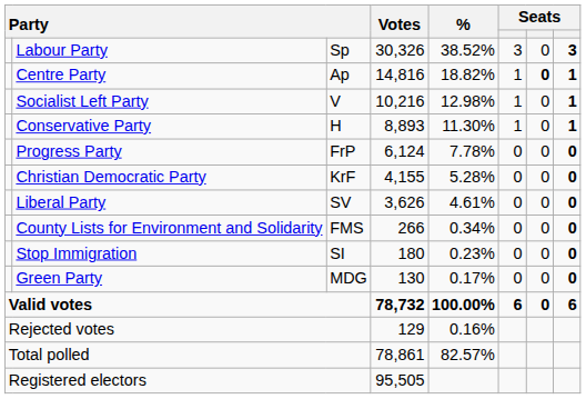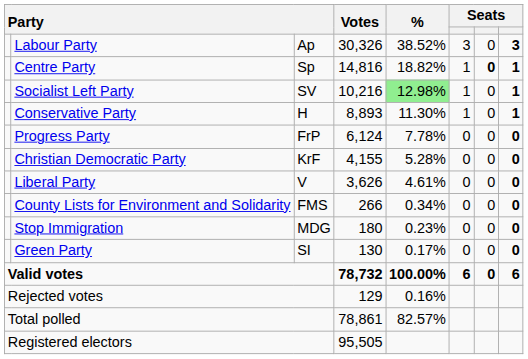 <table class="wikitable" border="1" style="text-align:right;">
 <tr>
 <th style="text-align:left;" valign=bottom rowspan=2 colspan=3>Party</th>
 <th align=center valign=bottom rowspan=2 width="50">Votes</th>
 <th align=center valign=bottom rowspan=2 width="50">%</th>
 <th colspan=3>Seats</th>
 </tr>
 <tr>
 <th align=center valign=bottom width="20"><small></small></th>
 <th align=center valign=bottom width="20"><small><a href='#'></a></small></th>
 <th align=center valign=bottom width="20"><small></small></th>
 </tr>
 <tr>
 <td></td>
 <td align=left><a href='#'>Labour Party</a></td>
-<td align=left>Sp</td>
+<td align=left>Ap</td>
 <td>30,326</td>
 <td>38.52%</td>
 <td>3</td>
 <td>0</td>
 <td><strong>3</strong></td>
 </tr>
 <tr>
 <td></td>
 <td align=left><a href='#'>Centre Party</a></td>
-<td align=left>Ap</td>
+<td align=left>Sp</td>
 <td>14,816</td>
 <td>18.82%</td>
 <td>1</td>
 <td><strong>0</strong></td>
 <td><strong>1</strong></td>
 </tr>
 <tr>
 <td></td>
 <td align=left><a href='#'>Socialist Left Party</a></td>
-<td align=left>V</td>
+<td align=left>SV</td>
 <td>10,216</td>
-<td>12.98%</td>
+<td style="background: lightgreen;">12.98%</td>
 <td>1</td>
 <td>0</td>
 <td><strong>1</strong></td>
 </tr>
 <tr>
 <td></td>
 <td align=left><a href='#'>Conservative Party</a></td>
 <td align=left>H</td>
 <td>8,893</td>
 <td>11.30%</td>
 <td>1</td>
 <td>0</td>
 <td><strong>1</strong></td>
 </tr>
 <tr>
 <td></td>
 <td align=left><a href='#'>Progress Party</a></td>
 <td align=left>FrP</td>
 <td>6,124</td>
 <td>7.78%</td>
 <td>0</td>
 <td>0</td>
 <td><strong>0</strong></td>
 </tr>
 <tr>
 <td></td>
 <td align=left><a href='#'>Christian Democratic Party</a></td>
 <td align=left>KrF</td>
 <td>4,155</td>
 <td>5.28%</td>
 <td>0</td>
 <td>0</td>
 <td><strong>0</strong></td>
 </tr>
 <tr>
 <td></td>
 <td align=left><a href='#'>Liberal Party</a></td>
-<td align=left>SV</td>
+<td align=left>V</td>
 <td>3,626</td>
 <td>4.61%</td>
 <td>0</td>
 <td>0</td>
 <td><strong>0</strong></td>
 </tr>
 <tr>
 <td></td>
 <td align=left><a href='#'>County Lists for Environment and Solidarity</a></td>
 <td align=left>FMS</td>
 <td>266</td>
 <td>0.34%</td>
 <td>0</td>
 <td>0</td>
 <td><strong>0</strong></td>
 </tr>
 <tr>
 <td></td>
 <td align=left><a href='#'>Stop Immigration</a></td>
-<td align=left>SI</td>
+<td align=left>MDG</td>
 <td>180</td>
 <td>0.23%</td>
 <td>0</td>
 <td>0</td>
 <td><strong>0</strong></td>
 </tr>
 <tr>
 <td></td>
 <td align=left><a href='#'>Green Party</a></td>
-<td align=left>MDG</td>
+<td align=left>SI</td>
 <td>130</td>
 <td>0.17%</td>
 <td>0</td>
 <td>0</td>
 <td><strong>0</strong></td>
 </tr>
 <tr style="font-weight:bold">
 <td align=left colspan=3>Valid votes</td>
 <td>78,732</td>
 <td>100.00%</td>
 <td>6</td>
 <td>0</td>
 <td>6</td>
 </tr>
 <tr>
 <td align=left colspan=3>Rejected votes</td>
 <td>129</td>
 <td>0.16%</td>
 <td></td>
 <td></td>
 <td></td>
 </tr>
 <tr>
 <td align=left colspan=3>Total polled</td>
 <td>78,861</td>
 <td>82.57%</td>
 <td></td>
 <td></td>
 <td></td>
 </tr>
 <tr>
 <td align=left colspan=3>Registered electors</td>
 <td>95,505</td>
 <td></td>
 <td></td>
 <td></td>
 <td></td>
 </tr>
 </table>
